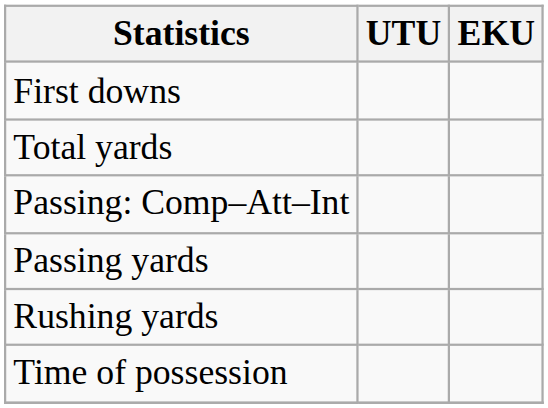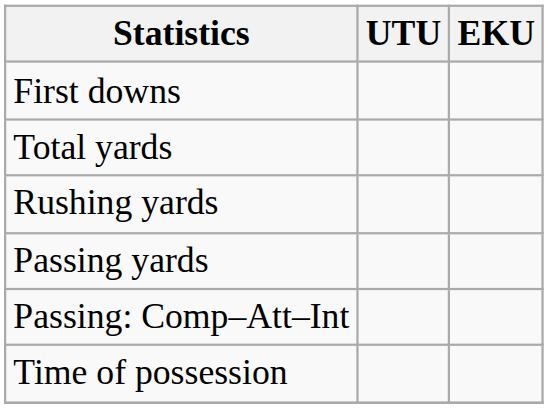 <table class="wikitable" style="float: left;">
 <tr>
 <th>Statistics</th>
 <th>UTU</th>
 <th>EKU</th>
 </tr>
 <tr>
 <td>First downs</td>
 <td></td>
 <td></td>
 </tr>
 <tr>
 <td>Total yards</td>
 <td></td>
 <td></td>
 </tr>
 <tr>
-<td>Passing: Comp–Att–Int</td>
+<td>Rushing yards</td>
 <td></td>
 <td></td>
 </tr>
 <tr>
 <td>Passing yards</td>
 <td></td>
 <td></td>
 </tr>
 <tr>
-<td>Rushing yards</td>
+<td>Passing: Comp–Att–Int</td>
 <td></td>
 <td></td>
 </tr>
 <tr>
 <td>Time of possession</td>
 <td></td>
 <td></td>
 </tr>
 <tr>
 </tr>
 </table>
